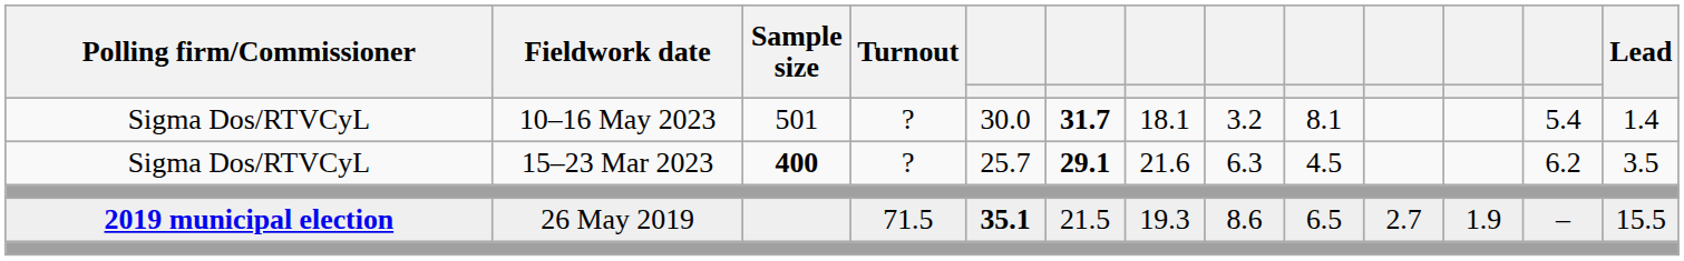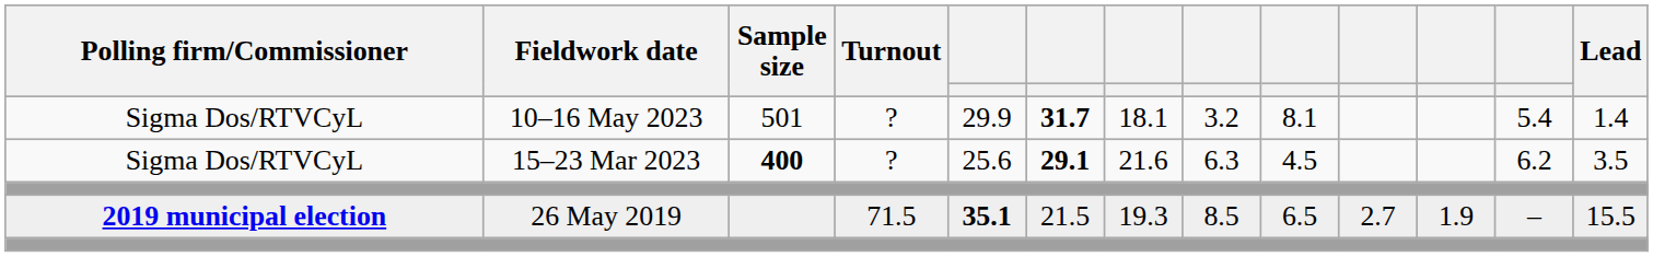 <table class="wikitable collapsible collapsed" style="text-align:center; font-size:95%; line-height:16px;">
 <tr style="height:42px;">
 <th style="width:250px;" rowspan="2">Polling firm/Commissioner</th>
 <th style="width:125px;" rowspan="2">Fieldwork date</th>
 <th style="width:50px;" rowspan="2">Sample size</th>
 <th style="width:45px;" rowspan="2">Turnout</th>
 <th style="width:35px;"></th>
 <th style="width:35px;"></th>
 <th style="width:35px;"></th>
 <th style="width:35px;"></th>
 <th style="width:35px;"></th>
 <th style="width:35px;"></th>
 <th style="width:35px;"></th>
 <th style="width:35px;"></th>
 <th style="width:30px;" rowspan="2">Lead</th>
 </tr>
 <tr>
 <th style="color:inherit;background:"></th>
 <th style="color:inherit;background:"></th>
 <th style="color:inherit;background:"></th>
 <th style="color:inherit;background:"></th>
 <th style="color:inherit;background:"></th>
 <th style="color:inherit;background:"></th>
 <th style="color:inherit;background:"></th>
 <th style="color:inherit;background:"></th>
 </tr>
 <tr>
 <td>Sigma Dos/RTVCyL</td>
 <td>10–16 May 2023</td>
 <td>501</td>
 <td>?</td>
-<td>30.0<br></td>
+<td>29.9<br></td>
 <td><strong>31.7</strong><br></td>
 <td>18.1<br></td>
 <td>3.2<br></td>
 <td>8.1<br></td>
 <td></td>
 <td></td>
 <td>5.4<br></td>
 <td style="background:">1.4</td>
 </tr>
 <tr>
 <td>Sigma Dos/RTVCyL</td>
 <td>15–23 Mar 2023</td>
 <td><strong>400</strong></td>
 <td>?</td>
-<td>25.7<br></td>
+<td>25.6<br></td>
 <td><strong>29.1</strong><br></td>
 <td>21.6<br></td>
 <td>6.3<br></td>
 <td>4.5<br></td>
 <td></td>
 <td></td>
 <td>6.2<br></td>
 <td style="background:">3.5</td>
 </tr>
 <tr>
 <td colspan="13" style="background:#A0A0A0"></td>
 </tr>
 <tr style="background:#EFEFEF;">
 <td><strong><a href='#'>2019 municipal election</a></strong></td>
 <td>26 May 2019</td>
 <td></td>
 <td>71.5</td>
 <td><strong>35.1</strong><br></td>
 <td>21.5<br></td>
 <td>19.3<br></td>
-<td>8.6<br></td>
+<td>8.5<br></td>
 <td>6.5<br></td>
 <td>2.7<br></td>
 <td>1.9<br></td>
 <td>–</td>
 <td style="background:">15.5</td>
 </tr>
 <tr>
 <td colspan="13" style="background:#A0A0A0"></td>
 </tr>
 </table>
